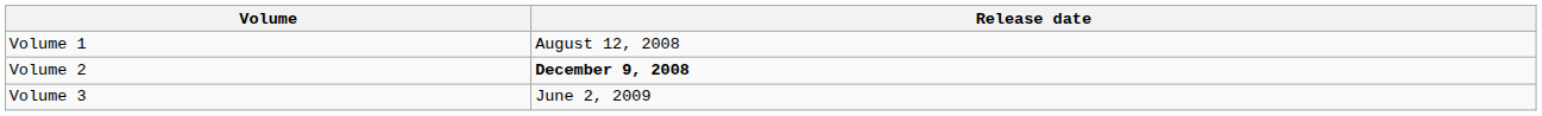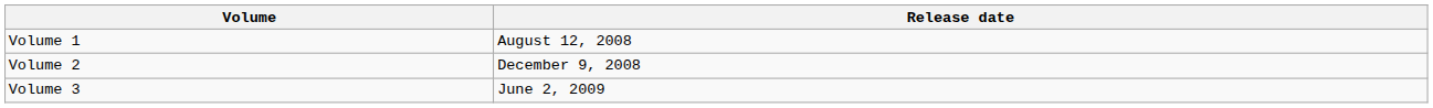 <table class="wikitable" style="text-align: left; width: 98%;">
 <tr>
 <th>Volume</th>
 <th>Release date</th>
 </tr>
 <tr>
 <td>Volume 1</td>
 <td>August 12, 2008</td>
 </tr>
 <tr>
 <td>Volume 2</td>
-<td><strong>December 9, 2008</strong></td>
+<td>December 9, 2008</td>
 </tr>
 <tr>
 <td>Volume 3</td>
 <td>June 2, 2009</td>
 </tr>
 </table>
